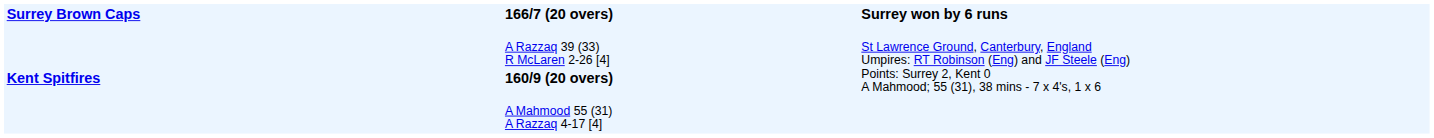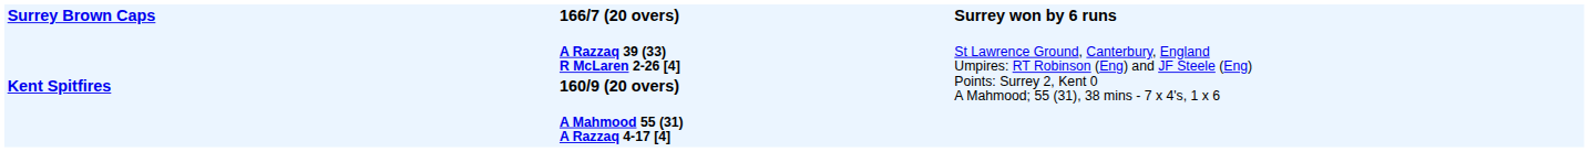 <table style="width:100%; background:#ebf5ff;">
 <tr>
 <td style="width:35%; vertical-align:top;" rowspan="2"><strong><a href='#'>Surrey Brown Caps</a></strong></td>
 <td style="width:25%;"><strong>166/7 (20 overs)</strong></td>
 <td style="width:40%;"><strong>Surrey won by 6 runs</strong></td>
 </tr>
 <tr>
-<td style="font-size: 85%;"><br><a href='#'>A Razzaq</a> 39 (33)<br> <a href='#'>R McLaren</a> 2-26 [4]</td>
+<td style="font-size: 85%;"><strong><br><a href='#'>A Razzaq</a> 39 (33)<br> <a href='#'>R McLaren</a> 2-26 [4]</strong></td>
 <td style="vertical-align:top; font-size:85%;" rowspan="3"><br><a href='#'>St Lawrence Ground</a>, <a href='#'>Canterbury</a>, <a href='#'>England</a><br> Umpires: <a href='#'>RT Robinson</a> (<a href='#'>Eng</a>) and <a href='#'>JF Steele</a> (<a href='#'>Eng</a>)<br> Points: Surrey 2, Kent 0<br>A Mahmood; 55 (31), 38 mins - 7 x 4's, 1 x 6</td>
 </tr>
 <tr>
 <td style="vertical-align:top;" rowspan="2"><strong><a href='#'>Kent Spitfires</a></strong></td>
 <td><strong>160/9 (20 overs)</strong></td>
 </tr>
 <tr>
-<td style="font-size: 85%;"><br><a href='#'>A Mahmood</a> 55 (31)<br> <a href='#'>A Razzaq</a> 4-17 [4]</td>
+<td style="font-size: 85%;"><strong><br><a href='#'>A Mahmood</a> 55 (31)<br> <a href='#'>A Razzaq</a> 4-17 [4]</strong></td>
 </tr>
 </table>
